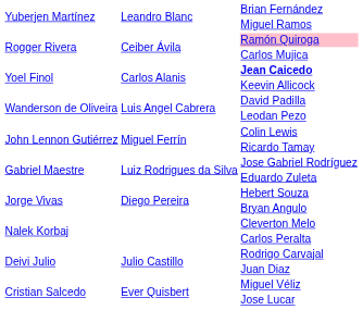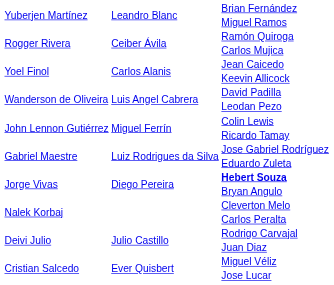 <table>
 <tr>
 <td rowspan=2></td>
 <td rowspan=2><a href='#'>Yuberjen Martínez</a><br></td>
 <td rowspan=2><a href='#'>Leandro Blanc</a><br></td>
 <td><a href='#'>Brian Fernández</a><br></td>
 </tr>
 <tr>
 <td><a href='#'>Miguel Ramos</a><br></td>
 </tr>
 <tr>
 <td rowspan=2></td>
 <td rowspan=2><a href='#'>Rogger Rivera</a><br></td>
 <td rowspan=2><a href='#'>Ceiber Ávila</a><br></td>
-<td style="background: pink;"><a href='#'>Ramón Quiroga</a><br></td>
+<td><a href='#'>Ramón Quiroga</a><br></td>
 </tr>
 <tr>
 <td><a href='#'>Carlos Mujica</a><br></td>
 </tr>
 <tr>
 <td rowspan=2></td>
 <td rowspan=2><a href='#'>Yoel Finol</a><br></td>
 <td rowspan=2><a href='#'>Carlos Alanis</a><br></td>
-<td><strong><a href='#'>Jean Caicedo</a><br></strong></td>
+<td><a href='#'>Jean Caicedo</a><br></td>
 </tr>
 <tr>
 <td><a href='#'>Keevin Allicock</a><br></td>
 </tr>
 <tr>
 <td rowspan=2></td>
 <td rowspan=2><a href='#'>Wanderson de Oliveira</a><br></td>
 <td rowspan=2><a href='#'>Luis Angel Cabrera</a><br></td>
 <td><a href='#'>David Padilla</a><br></td>
 </tr>
 <tr>
 <td><a href='#'>Leodan Pezo</a><br></td>
 </tr>
 <tr>
 <td rowspan=2></td>
 <td rowspan=2><a href='#'>John Lennon Gutiérrez</a><br></td>
 <td rowspan=2><a href='#'>Miguel Ferrín</a><br></td>
 <td><a href='#'>Colin Lewis</a><br></td>
 </tr>
 <tr>
 <td><a href='#'>Ricardo Tamay</a><br></td>
 </tr>
 <tr>
 <td rowspan=2></td>
 <td rowspan=2><a href='#'>Gabriel Maestre</a><br></td>
 <td rowspan=2><a href='#'>Luiz Rodrigues da Silva</a><br></td>
 <td><a href='#'>Jose Gabriel Rodríguez</a><br></td>
 </tr>
 <tr>
 <td><a href='#'>Eduardo Zuleta</a><br></td>
 </tr>
 <tr>
 <td rowspan=2></td>
 <td rowspan=2><a href='#'>Jorge Vivas</a><br></td>
 <td rowspan=2><a href='#'>Diego Pereira</a><br></td>
-<td><a href='#'>Hebert Souza</a><br></td>
+<td><strong><a href='#'>Hebert Souza</a><br></strong></td>
 </tr>
 <tr>
 <td><a href='#'>Bryan Angulo</a><br></td>
 </tr>
 <tr>
 <td rowspan=2></td>
 <td rowspan=2><a href='#'>Nalek Korbaj</a><br></td>
 <td rowspan=2><br></td>
 <td><a href='#'>Cleverton Melo</a><br></td>
 </tr>
 <tr>
 <td><a href='#'>Carlos Peralta</a><br></td>
 </tr>
 <tr>
 <td rowspan=2></td>
 <td rowspan=2><a href='#'>Deivi Julio</a><br></td>
 <td rowspan=2><a href='#'>Julio Castillo</a><br></td>
 <td><a href='#'>Rodrigo Carvajal</a><br></td>
 </tr>
 <tr>
 <td><a href='#'>Juan Diaz</a><br></td>
 </tr>
 <tr>
 <td rowspan=2></td>
 <td rowspan=2><a href='#'>Cristian Salcedo</a><br></td>
 <td rowspan=2><a href='#'>Ever Quisbert</a><br></td>
 <td><a href='#'>Miguel Véliz</a><br></td>
 </tr>
 <tr>
 <td><a href='#'>Jose Lucar</a><br></td>
 </tr>
 </table>
